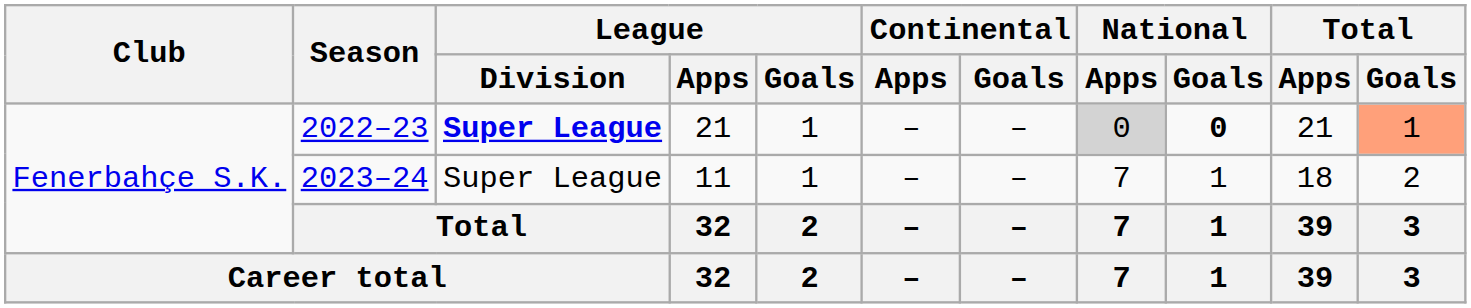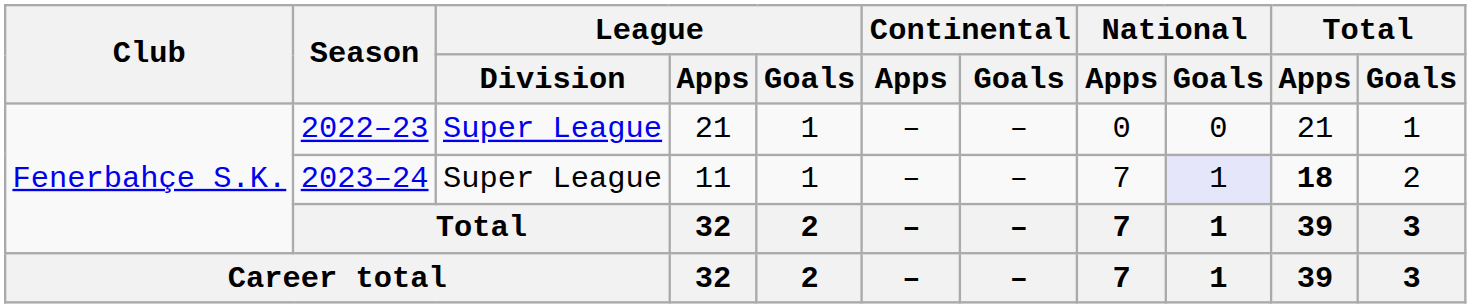 <table class="wikitable" style="text-align: center;">
 <tr>
 <th rowspan=2>Club</th>
 <th rowspan=2>Season</th>
 <th colspan=3>League</th>
 <th colspan=2>Continental</th>
 <th colspan=2>National</th>
 <th colspan=2>Total</th>
 </tr>
 <tr>
 <th>Division</th>
 <th>Apps</th>
 <th>Goals</th>
 <th>Apps</th>
 <th>Goals</th>
 <th>Apps</th>
 <th>Goals</th>
 <th>Apps</th>
 <th>Goals</th>
 </tr>
 <tr>
 <td rowspan=3><a href='#'>Fenerbahçe S.K.</a></td>
 <td><a href='#'>2022–23</a></td>
-<td><strong><a href='#'>Super League</a></strong></td>
+<td><a href='#'>Super League</a></td>
 <td>21</td>
 <td>1</td>
 <td>–</td>
 <td>–</td>
-<td style="background: lightgrey;">0</td>
-<td><strong>0</strong></td>
+<td>0</td>
+<td>0</td>
 <td>21</td>
-<td style="background: lightsalmon;">1</td>
+<td>1</td>
 </tr>
 <tr>
 <td><a href='#'>2023–24</a></td>
 <td>Super League</td>
 <td>11</td>
 <td>1</td>
 <td>–</td>
 <td>–</td>
 <td>7</td>
-<td>1</td>
-<td>18</td>
+<td style="background: lavender;">1</td>
+<td><strong>18</strong></td>
 <td>2</td>
 </tr>
 <tr>
 <th colspan="2">Total</th>
 <th>32</th>
 <th>2</th>
 <th>–</th>
 <th>–</th>
 <th>7</th>
 <th>1</th>
 <th>39</th>
 <th>3</th>
 </tr>
 <tr>
 <th colspan=3>Career total</th>
 <th>32</th>
 <th>2</th>
 <th>–</th>
 <th>–</th>
 <th>7</th>
 <th>1</th>
 <th>39</th>
 <th>3</th>
 </tr>
 </table>
